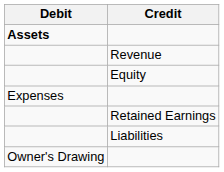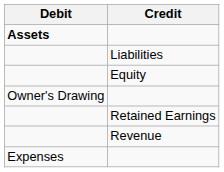 <table class="wikitable">
 <tr>
 <th>Debit</th>
 <th>Credit</th>
 </tr>
 <tr>
 <td><strong>Assets</strong></td>
 <td></td>
 </tr>
 <tr>
 <td></td>
-<td>Revenue</td>
+<td>Liabilities</td>
 </tr>
 <tr>
 <td></td>
 <td>Equity</td>
 </tr>
 <tr>
-<td>Expenses</td>
+<td>Owner's Drawing</td>
 <td></td>
 </tr>
 <tr>
 <td></td>
 <td>Retained Earnings</td>
 </tr>
 <tr>
 <td></td>
-<td>Liabilities</td>
+<td>Revenue</td>
 </tr>
 <tr>
-<td>Owner's Drawing</td>
+<td>Expenses</td>
 <td></td>
 </tr>
 </table>
